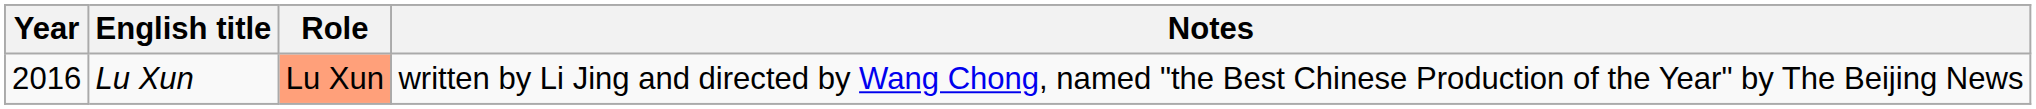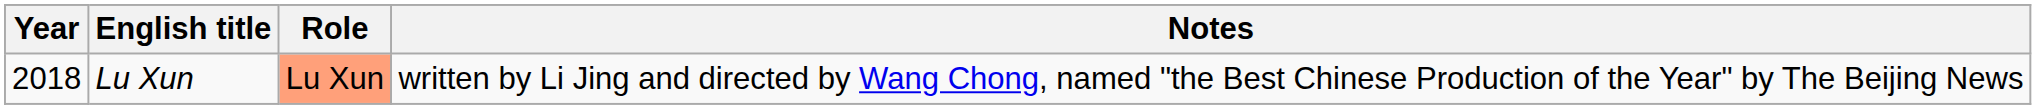 <table class="wikitable">
 <tr>
 <th>Year</th>
 <th>English title</th>
 <th>Role</th>
 <th>Notes</th>
 </tr>
 <tr>
-<td>2016</td>
+<td>2018</td>
 <td><em>Lu Xun</em></td>
 <td style="background: lightsalmon;">Lu Xun</td>
 <td>written by Li Jing and directed by <a href='#'>Wang Chong</a>, named "the Best Chinese Production of the Year" by The Beijing News</td>
 </tr>
 </table>
